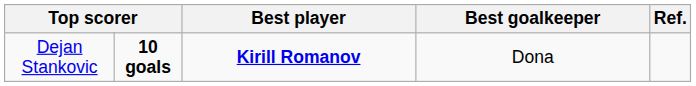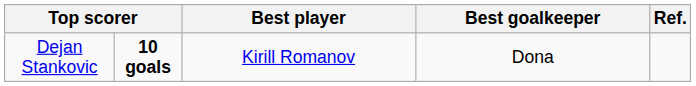 <table class="wikitable" style="text-align: center; font-size: 97%;">
 <tr>
 <th colspan=2 width=200>Top scorer</th>
 <th width=200>Best player</th>
 <th width=200>Best goalkeeper</th>
 <th>Ref.</th>
 </tr>
 <tr align=center style="background:">
 <td style="text-align:center;"> <a href='#'>Dejan Stankovic</a></td>
 <td><strong>10 goals</strong></td>
-<td><strong> <a href='#'>Kirill Romanov</a></strong></td>
+<td> <a href='#'>Kirill Romanov</a></td>
 <td> Dona</td>
 <td></td>
 </tr>
 </table>
